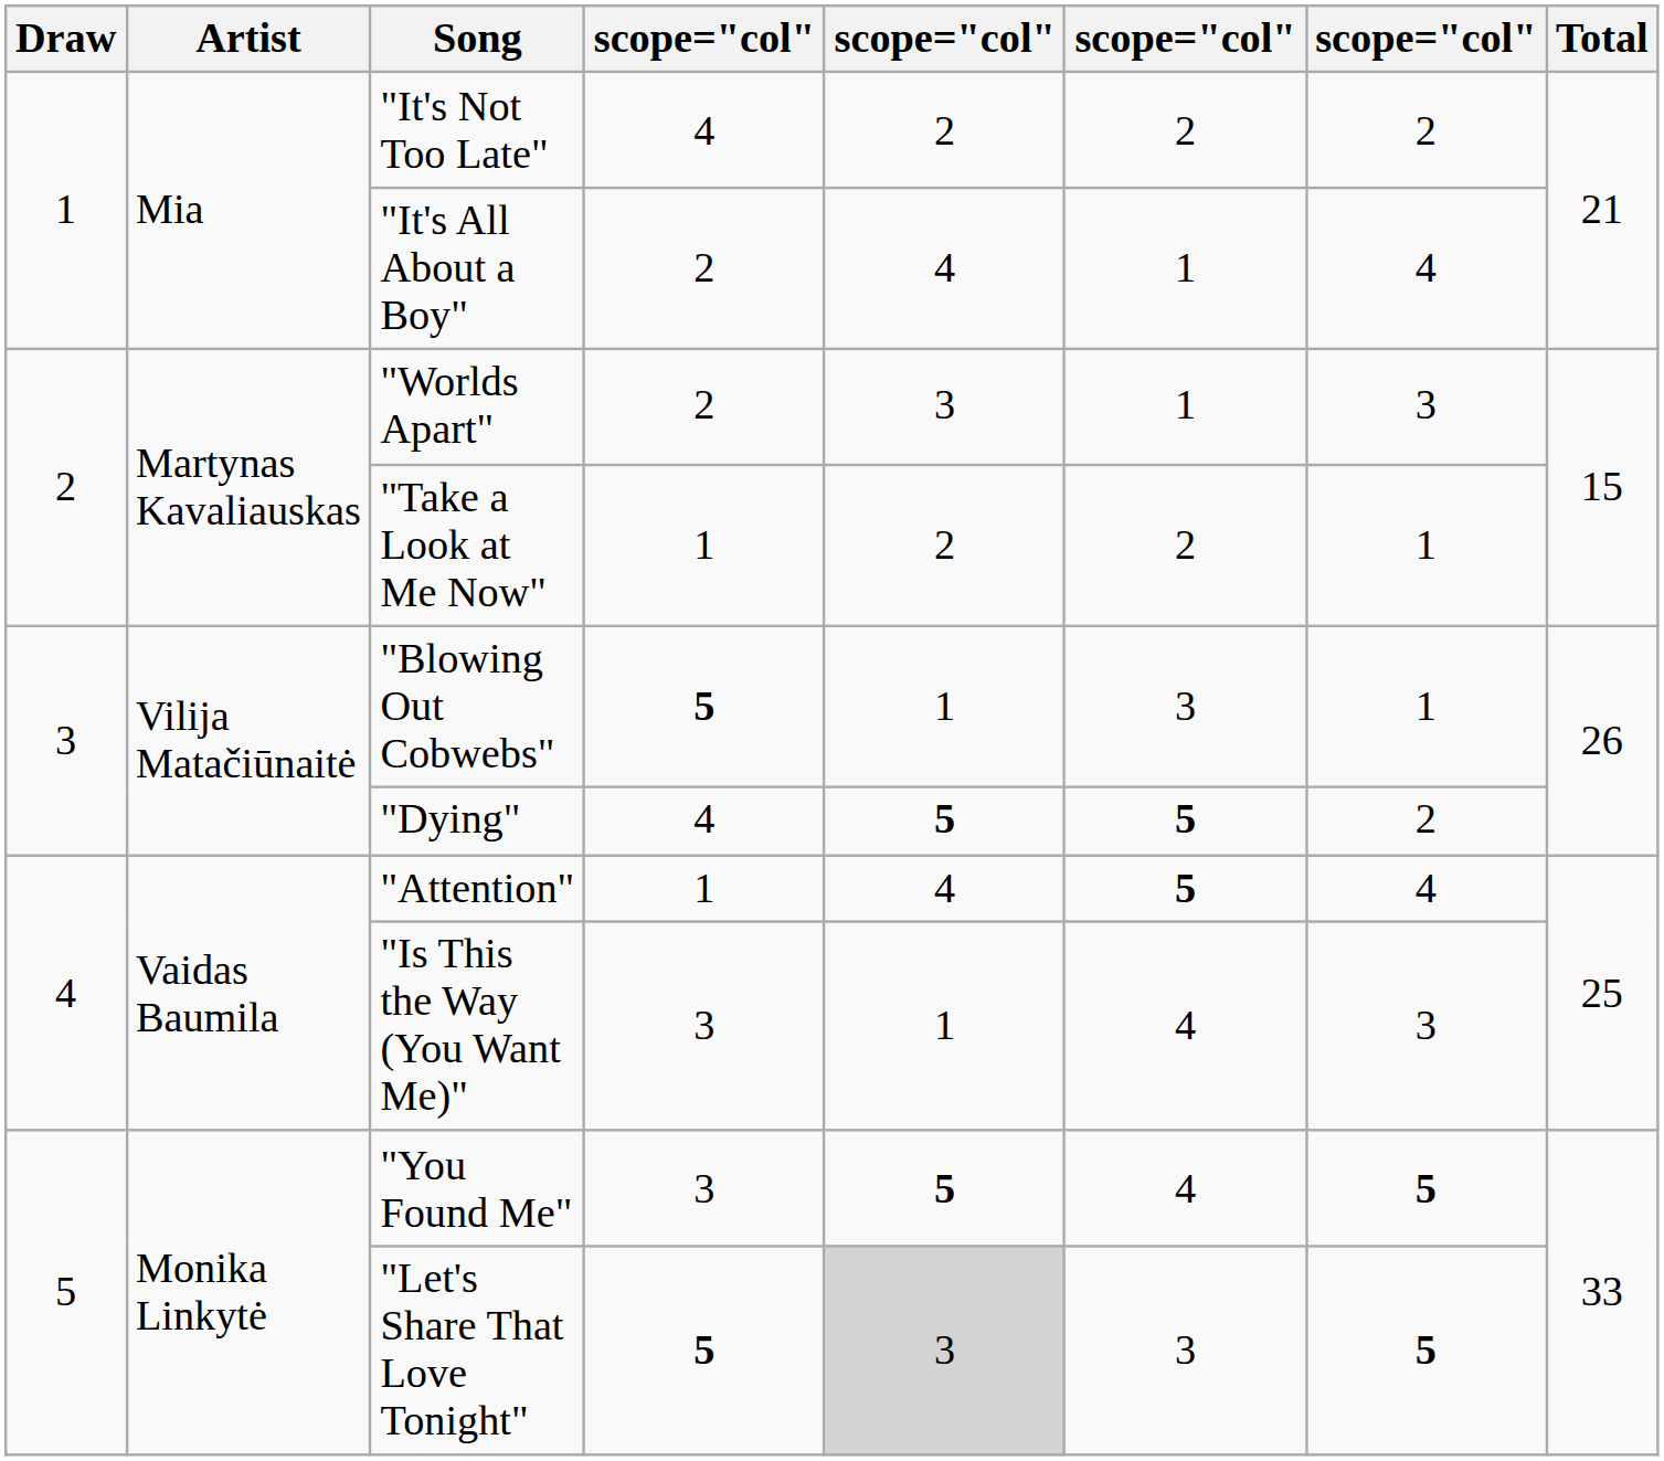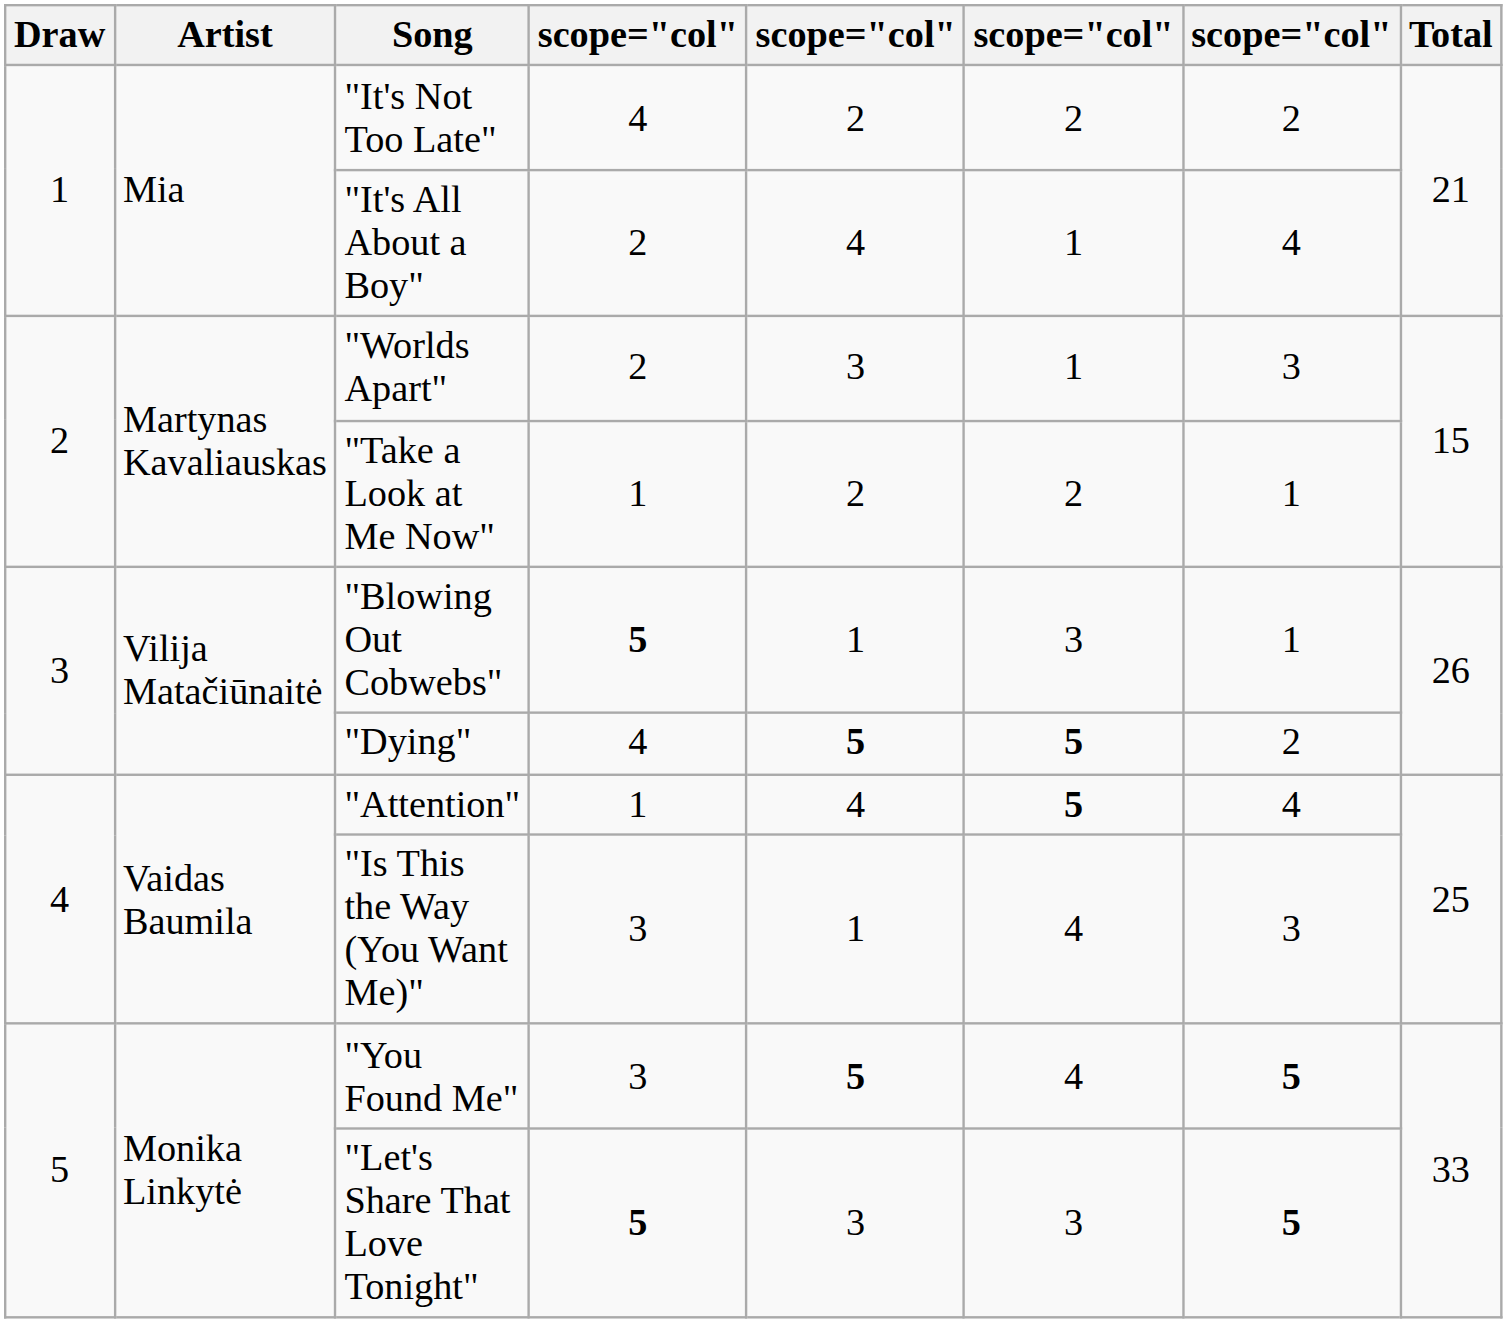 <table class="wikitable collapsible" style="margin: 1em auto 1em auto; text-align:center;">
 <tr>
 <th>Draw</th>
 <th>Artist</th>
 <th>Song</th>
 <th>scope="col" </th>
 <th>scope="col" </th>
 <th>scope="col" </th>
 <th>scope="col" </th>
 <th>Total</th>
 </tr>
 <tr>
 <td rowspan="2">1</td>
 <td rowspan="2" align="left">Mia</td>
 <td align="left">"It's Not Too Late"</td>
 <td>4</td>
 <td>2</td>
 <td>2</td>
 <td>2</td>
 <td rowspan="2">21</td>
 </tr>
 <tr>
 <td align="left">"It's All About a Boy"</td>
 <td>2</td>
 <td>4</td>
 <td>1</td>
 <td>4</td>
 </tr>
 <tr>
 <td rowspan="2">2</td>
 <td rowspan="2" align="left">Martynas Kavaliauskas</td>
 <td align="left">"Worlds Apart"</td>
 <td>2</td>
 <td>3</td>
 <td>1</td>
 <td>3</td>
 <td rowspan="2">15</td>
 </tr>
 <tr>
 <td align="left">"Take a Look at Me Now"</td>
 <td>1</td>
 <td>2</td>
 <td>2</td>
 <td>1</td>
 </tr>
 <tr>
 <td rowspan="2">3</td>
 <td rowspan="2" align="left">Vilija Matačiūnaitė</td>
 <td align="left">"Blowing Out Cobwebs"</td>
 <td><strong>5</strong></td>
 <td>1</td>
 <td>3</td>
 <td>1</td>
 <td rowspan="2">26</td>
 </tr>
 <tr>
 <td align="left">"Dying"</td>
 <td>4</td>
 <td><strong>5</strong></td>
 <td><strong>5</strong></td>
 <td>2</td>
 </tr>
 <tr>
 <td rowspan="2">4</td>
 <td rowspan="2" align="left">Vaidas Baumila</td>
 <td align="left">"Attention"</td>
 <td>1</td>
 <td>4</td>
 <td><strong>5</strong></td>
 <td>4</td>
 <td rowspan="2">25</td>
 </tr>
 <tr>
 <td align="left">"Is This the Way (You Want Me)"</td>
 <td>3</td>
 <td>1</td>
 <td>4</td>
 <td>3</td>
 </tr>
 <tr>
 <td rowspan="2">5</td>
 <td rowspan="2" align="left">Monika Linkytė</td>
 <td align="left">"You Found Me"</td>
 <td>3</td>
 <td><strong>5</strong></td>
 <td>4</td>
 <td><strong>5</strong></td>
 <td rowspan="2">33</td>
 </tr>
 <tr>
 <td align="left">"Let's Share That Love Tonight"</td>
 <td><strong>5</strong></td>
-<td style="background: lightgrey;">3</td>
+<td>3</td>
 <td>3</td>
 <td><strong>5</strong></td>
 </tr>
 </table>
